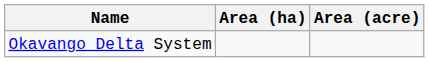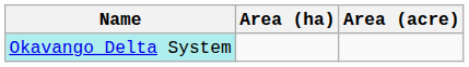 <table class="wikitable sortable">
 <tr>
 <th scope="col" align=left>Name</th>
 <th scope="col">Area (ha)</th>
 <th scope="col">Area (acre)</th>
 </tr>
 <tr>
-<td><a href='#'>Okavango Delta</a> System</td>
+<td style="background: paleturquoise;"><a href='#'>Okavango Delta</a> System</td>
 <td></td>
 </tr>
 </table>
